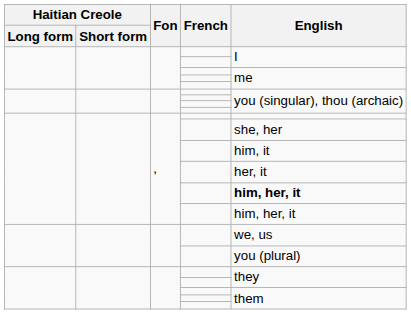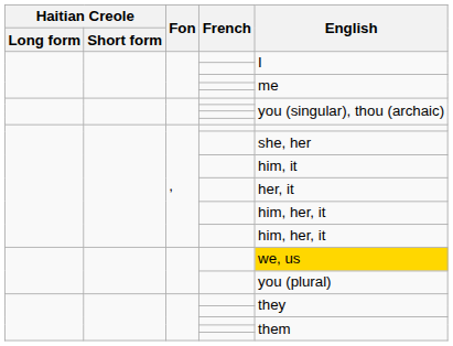 <table class="wikitable">
 <tr>
 <th colspan="2" scope="col">Haitian Creole</th>
 <th rowspan="2" scope="col">Fon</th>
 <th rowspan="2" scope="col">French</th>
 <th rowspan="2" scope="col">English</th>
 </tr>
 <tr>
 <th scope="col">Long form</th>
 <th scope="col">Short form</th>
 </tr>
 <tr>
 <td rowspan="5"></td>
 <td rowspan="5"></td>
 <td rowspan="5"></td>
 <td></td>
 <td rowspan="2">I</td>
 </tr>
 <tr>
 <td></td>
 </tr>
 <tr>
 <td></td>
 <td rowspan="3">me</td>
 </tr>
 <tr>
 <td></td>
 </tr>
 <tr>
 <td></td>
 </tr>
 <tr>
 <td rowspan="4"></td>
 <td rowspan="4"></td>
 <td rowspan="4"></td>
 <td></td>
 <td rowspan="4">you (singular), thou (archaic)</td>
 </tr>
 <tr>
 <td></td>
 </tr>
 <tr>
 <td></td>
 </tr>
 <tr>
 <td></td>
 </tr>
 <tr>
 <td rowspan="6"></td>
 <td rowspan="6"></td>
 <td rowspan="6">, </td>
 <td></td>
 <td></td>
 </tr>
 <tr>
 <td></td>
 <td>she, her</td>
 </tr>
 <tr>
 <td></td>
 <td>him, it</td>
 </tr>
 <tr>
 <td></td>
 <td>her, it</td>
 </tr>
 <tr>
 <td></td>
-<td><strong>him, her, it</strong></td>
+<td>him, her, it</td>
 </tr>
 <tr>
 <td></td>
 <td>him, her, it</td>
 </tr>
 <tr>
 <td rowspan="2"></td>
 <td rowspan="2"></td>
 <td rowspan="2"></td>
 <td></td>
-<td>we, us</td>
+<td style="background: gold;">we, us</td>
 </tr>
 <tr>
 <td></td>
 <td>you (plural)</td>
 </tr>
 <tr>
 <td rowspan="5"></td>
 <td rowspan="5"></td>
 <td rowspan="5"></td>
 <td></td>
 <td rowspan="2">they</td>
 </tr>
 <tr>
 <td></td>
 </tr>
 <tr>
 <td></td>
 <td rowspan="3">them</td>
 </tr>
 <tr>
 <td></td>
 </tr>
 <tr>
 <td></td>
 </tr>
 </table>
